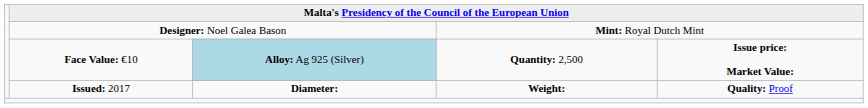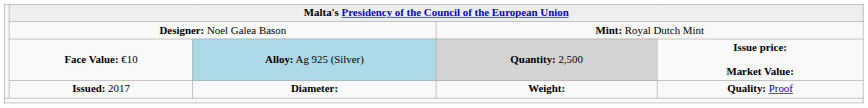 <table class="wikitable" width=100%>
 <tr>
 <td rowspan=4 width="330px" nowrap align=center></td>
 <th colspan="4" align=center style="background:#eeeeee;">Malta's <a href='#'>Presidency of the Council of the European Union</a></th>
 </tr>
 <tr>
 <td colspan="2" width="50%" align=center><strong>Designer:</strong> Noel Galea Bason</td>
 <td colspan="2" width="50%" align=center><strong>Mint:</strong> Royal Dutch Mint</td>
 </tr>
 <tr>
 <td align=center><strong>Face Value:</strong> €10</td>
 <td align=center style="background: lightblue;"><strong>Alloy:</strong> Ag 925 (Silver)</td>
-<td align=center><strong>Quantity:</strong> 2,500</td>
+<td align=center style="background: lightgrey;"><strong>Quantity:</strong> 2,500</td>
 <td align=center><strong>Issue price:</strong><br><br> <strong>Market Value:</strong></td>
 </tr>
 <tr>
 <td align=center><strong>Issued:</strong> 2017</td>
 <td align=center><strong>Diameter:</strong> </td>
 <td align=center><strong>Weight:</strong> </td>
 <td align=center><strong>Quality:</strong> <a href='#'>Proof</a></td>
 </tr>
 <tr>
 <td colspan="5" align=left></td>
 </tr>
 </table>
